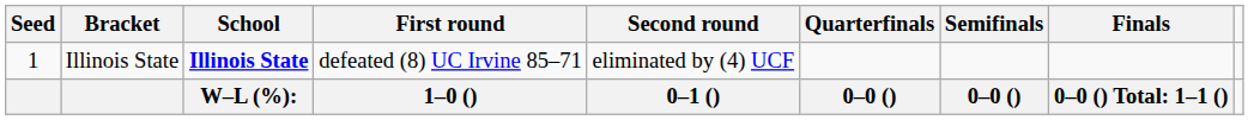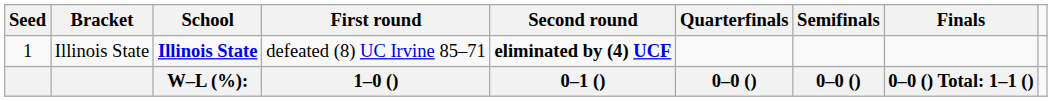 <table class="wikitable" style="white-space:nowrap; font-size:90%;">
 <tr>
 <th>Seed</th>
 <th>Bracket</th>
 <th>School</th>
 <th>First round</th>
 <th>Second round</th>
 <th>Quarterfinals</th>
 <th>Semifinals</th>
 <th>Finals</th>
 </tr>
 <tr>
 <td align=center>1</td>
 <td>Illinois State</td>
 <td><strong><a href='#'>Illinois State</a></strong></td>
 <td>defeated (8) <a href='#'>UC Irvine</a> 85–71</td>
-<td>eliminated by (4) <a href='#'>UCF</a></td>
+<td><strong>eliminated by (4) <a href='#'>UCF</a></strong></td>
 <td></td>
 <td></td>
 <td></td>
 <td></td>
 </tr>
 <tr>
 <th></th>
 <th></th>
 <th>W–L (%):</th>
 <th>1–0 ()</th>
 <th>0–1 ()</th>
 <th>0–0 ()</th>
 <th>0–0 ()</th>
 <th>0–0 () Total: 1–1 ()</th>
 </tr>
 </table>
